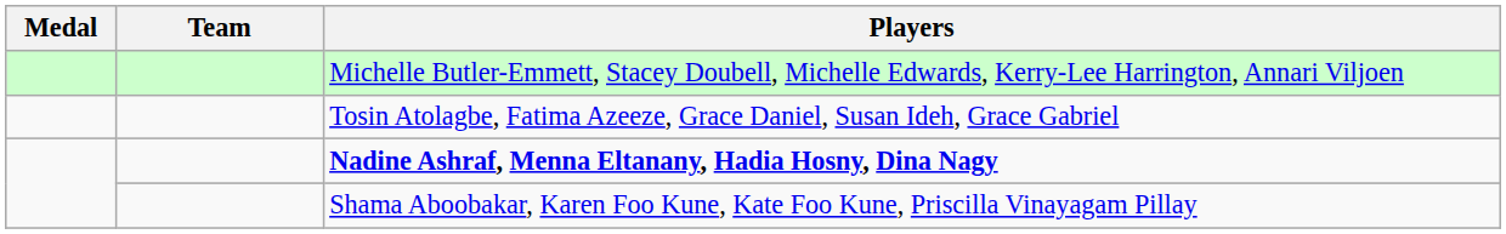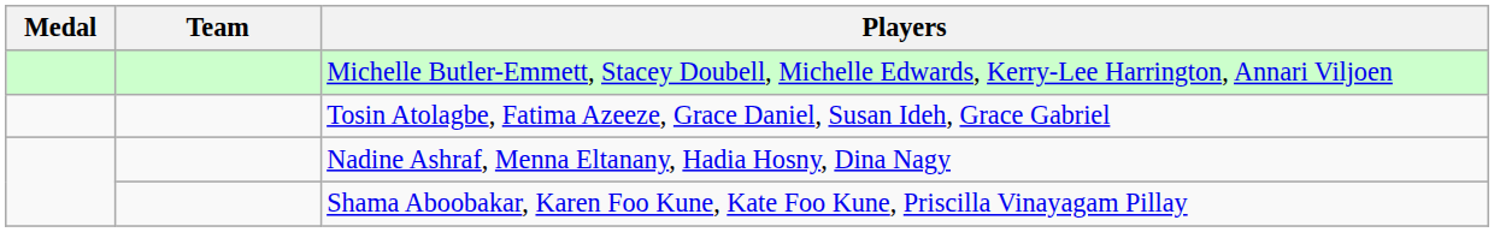 <table class=wikitable style="text-align:left; font-size:90%" width="800px">
 <tr>
 <th width=50>Medal</th>
 <th width=100>Team</th>
 <th width=600>Players</th>
 </tr>
 <tr bgcolor=ccffcc>
 <td style="text-align:center"></td>
 <td></td>
 <td><a href='#'>Michelle Butler-Emmett</a>, <a href='#'>Stacey Doubell</a>, <a href='#'>Michelle Edwards</a>, <a href='#'>Kerry-Lee Harrington</a>, <a href='#'>Annari Viljoen</a></td>
 </tr>
 <tr>
 <td style="text-align:center"></td>
 <td></td>
 <td><a href='#'>Tosin Atolagbe</a>, <a href='#'>Fatima Azeeze</a>, <a href='#'>Grace Daniel</a>, <a href='#'>Susan Ideh</a>, <a href='#'>Grace Gabriel</a></td>
 </tr>
 <tr>
 <td rowspan="2" style="text-align:center"></td>
 <td></td>
-<td><strong><a href='#'>Nadine Ashraf</a>, <a href='#'>Menna Eltanany</a>, <a href='#'>Hadia Hosny</a>, <a href='#'>Dina Nagy</a></strong></td>
+<td><a href='#'>Nadine Ashraf</a>, <a href='#'>Menna Eltanany</a>, <a href='#'>Hadia Hosny</a>, <a href='#'>Dina Nagy</a></td>
 </tr>
 <tr>
 <td></td>
 <td><a href='#'>Shama Aboobakar</a>, <a href='#'>Karen Foo Kune</a>, <a href='#'>Kate Foo Kune</a>, <a href='#'>Priscilla Vinayagam Pillay</a></td>
 </tr>
 </table>
